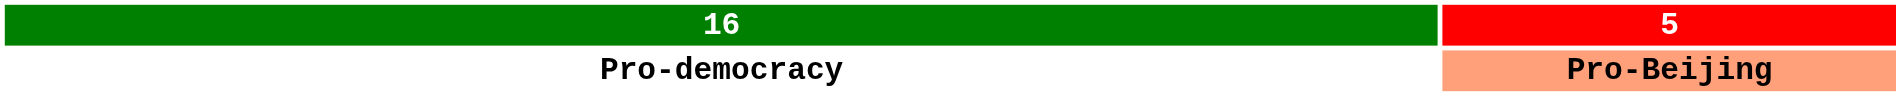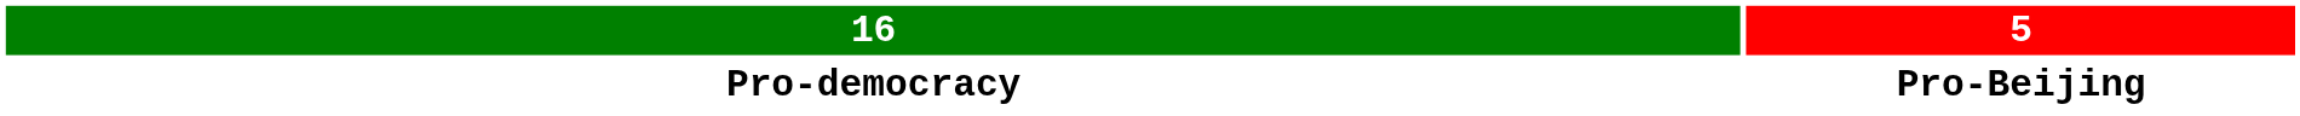 <table style="width:50%; text-align:center;">
 <tr style="color:white;">
 <td style="background:green; width:76%;"><strong>16</strong></td>
 <td style="background:red; width:24%;"><strong>5</strong></td>
 </tr>
 <tr>
 <td><span><strong>Pro-democracy</strong></span></td>
-<td style="background: lightsalmon;"><span><strong>Pro-Beijing</strong></span></td>
+<td><span><strong>Pro-Beijing</strong></span></td>
 </tr>
 </table>
